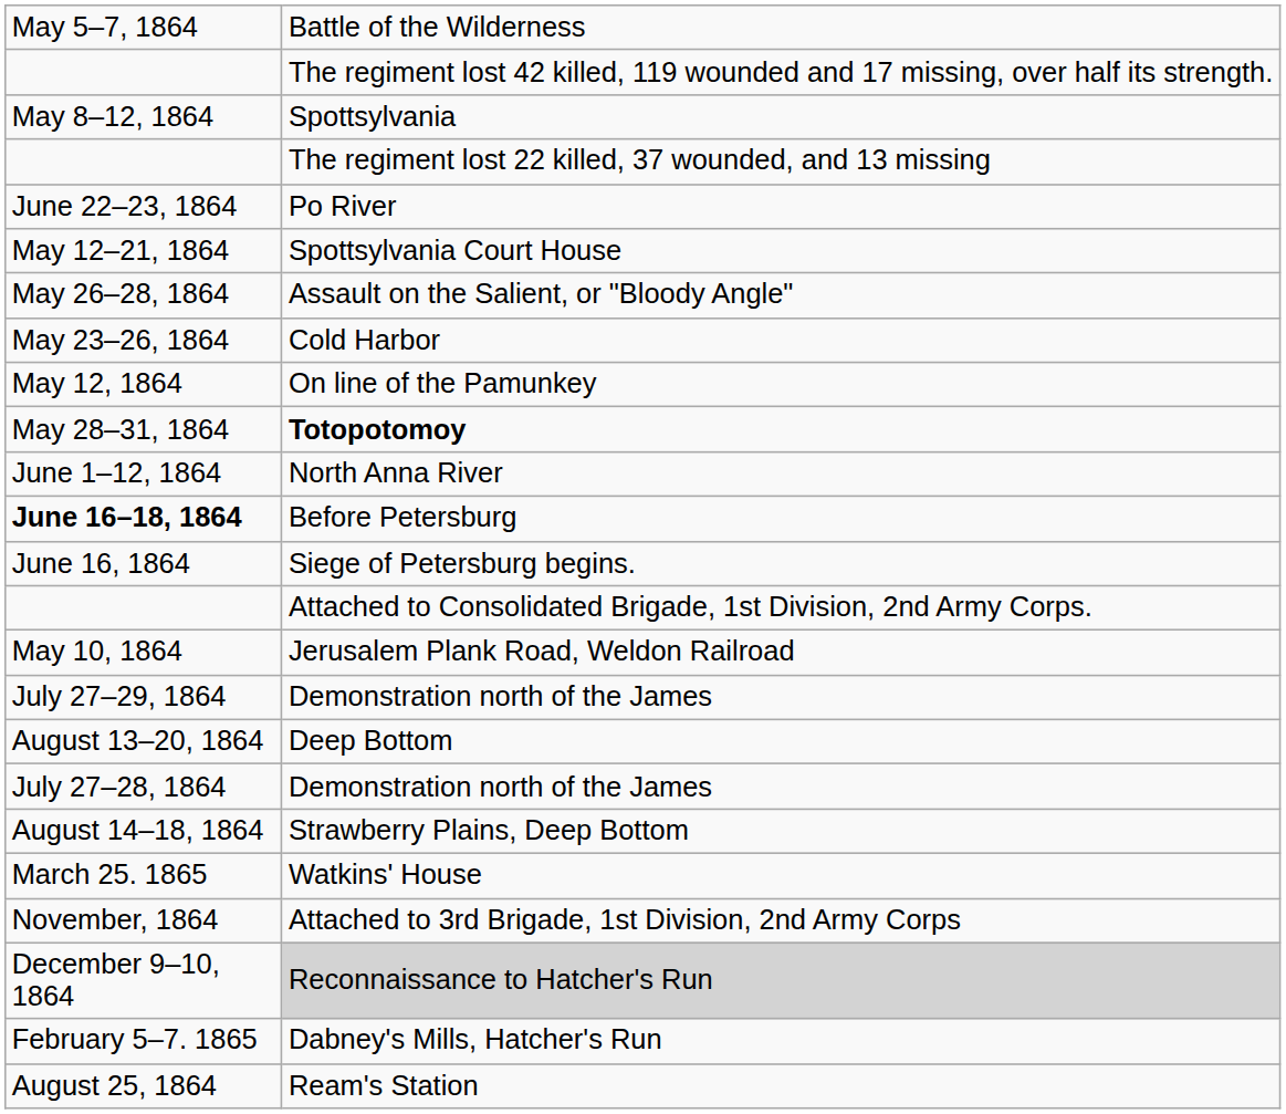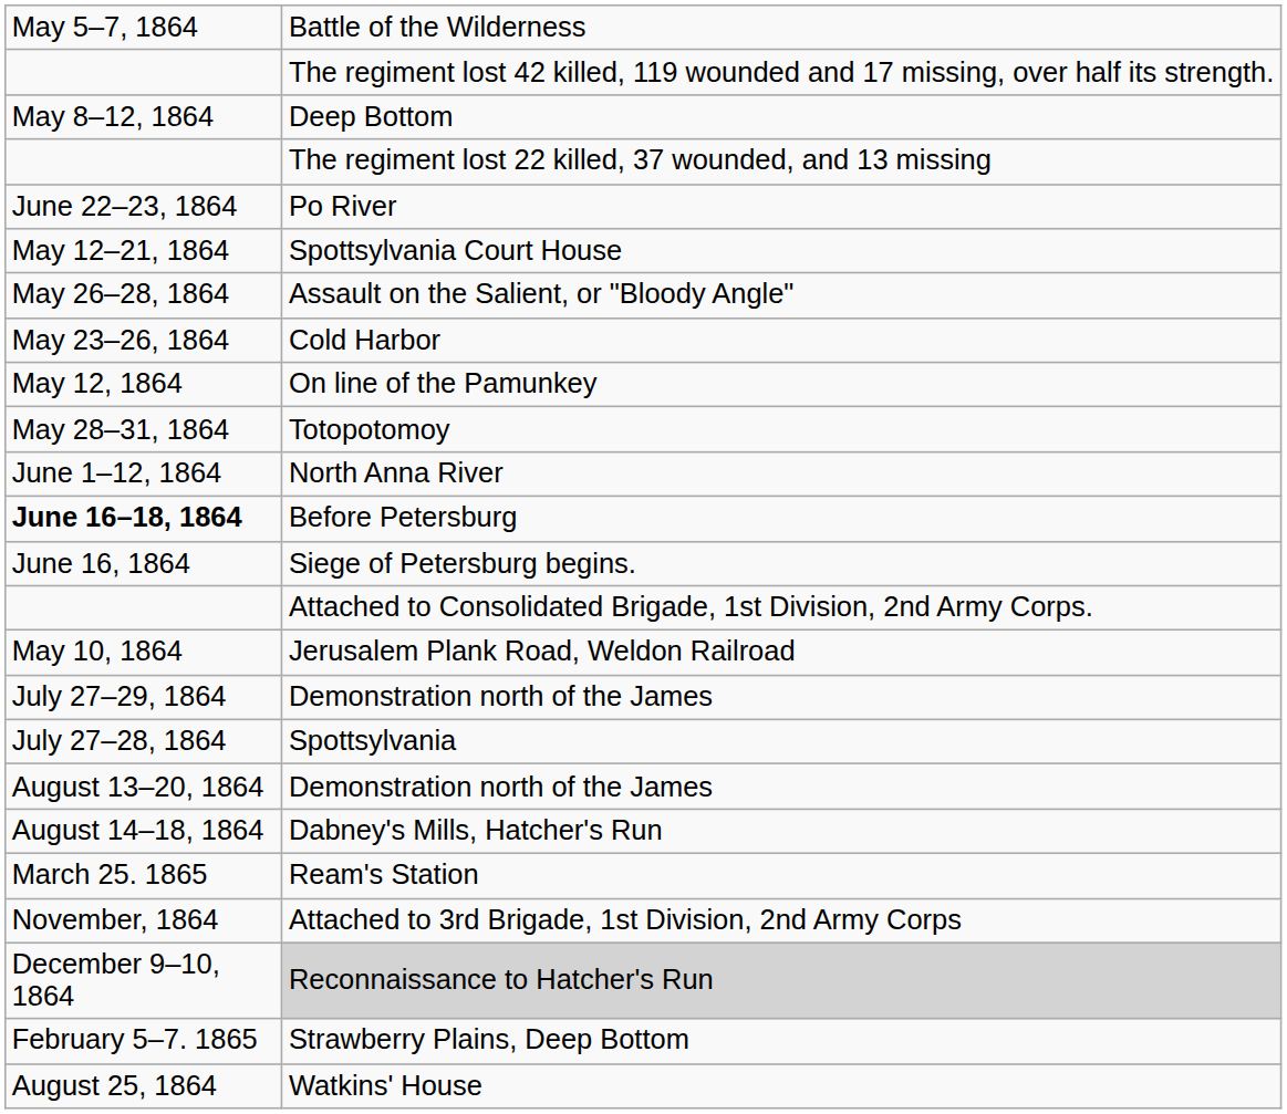 <table class="wikitable">
 <tr>
 <td style="width: 150px;">May 5–7, 1864</td>
 <td>Battle of the Wilderness</td>
 </tr>
 <tr>
 <td></td>
 <td>The regiment lost 42 killed, 119 wounded and 17 missing, over half its strength.</td>
 </tr>
 <tr>
 <td>May 8–12, 1864</td>
-<td>Spottsylvania</td>
+<td>Deep Bottom</td>
 </tr>
 <tr>
 <td></td>
 <td>The regiment lost 22 killed, 37 wounded, and 13 missing</td>
 </tr>
 <tr>
 <td>June 22–23, 1864</td>
 <td>Po River</td>
 </tr>
 <tr>
 <td>May 12–21, 1864</td>
 <td>Spottsylvania Court House</td>
 </tr>
 <tr>
 <td>May 26–28, 1864</td>
 <td>Assault on the Salient, or "Bloody Angle"</td>
 </tr>
 <tr>
 <td>May 23–26, 1864</td>
 <td>Cold Harbor</td>
 </tr>
 <tr>
 <td>May 12, 1864</td>
 <td>On line of the Pamunkey</td>
 </tr>
 <tr>
 <td>May 28–31, 1864</td>
-<td><strong>Totopotomoy</strong></td>
+<td>Totopotomoy</td>
 </tr>
 <tr>
 <td>June 1–12, 1864</td>
 <td>North Anna River</td>
 </tr>
 <tr>
 <td><strong>June 16–18, 1864</strong></td>
 <td>Before Petersburg</td>
 </tr>
 <tr>
 <td>June 16, 1864</td>
 <td>Siege of Petersburg begins.</td>
 </tr>
 <tr>
 <td></td>
 <td>Attached to Consolidated Brigade, 1st Division, 2nd Army Corps.</td>
 </tr>
 <tr>
 <td>May 10, 1864</td>
 <td>Jerusalem Plank Road, Weldon Railroad</td>
 </tr>
 <tr>
 <td>July 27–29, 1864</td>
 <td>Demonstration north of the James</td>
 </tr>
 <tr>
-<td>August 13–20, 1864</td>
-<td>Deep Bottom</td>
+<td>July 27–28, 1864</td>
+<td>Spottsylvania</td>
 </tr>
 <tr>
-<td>July 27–28, 1864</td>
+<td>August 13–20, 1864</td>
 <td>Demonstration north of the James</td>
 </tr>
 <tr>
 <td>August 14–18, 1864</td>
-<td>Strawberry Plains, Deep Bottom</td>
+<td>Dabney's Mills, Hatcher's Run</td>
 </tr>
 <tr>
 <td>March 25. 1865</td>
-<td>Watkins' House</td>
+<td>Ream's Station</td>
 </tr>
 <tr>
 <td>November, 1864</td>
 <td>Attached to 3rd Brigade, 1st Division, 2nd Army Corps</td>
 </tr>
 <tr>
 <td>December 9–10, 1864</td>
 <td style="background: lightgrey;">Reconnaissance to Hatcher's Run</td>
 </tr>
 <tr>
 <td>February 5–7. 1865</td>
-<td>Dabney's Mills, Hatcher's Run</td>
+<td>Strawberry Plains, Deep Bottom</td>
 </tr>
 <tr>
 <td>August 25, 1864</td>
-<td>Ream's Station</td>
+<td>Watkins' House</td>
 </tr>
 </table>
